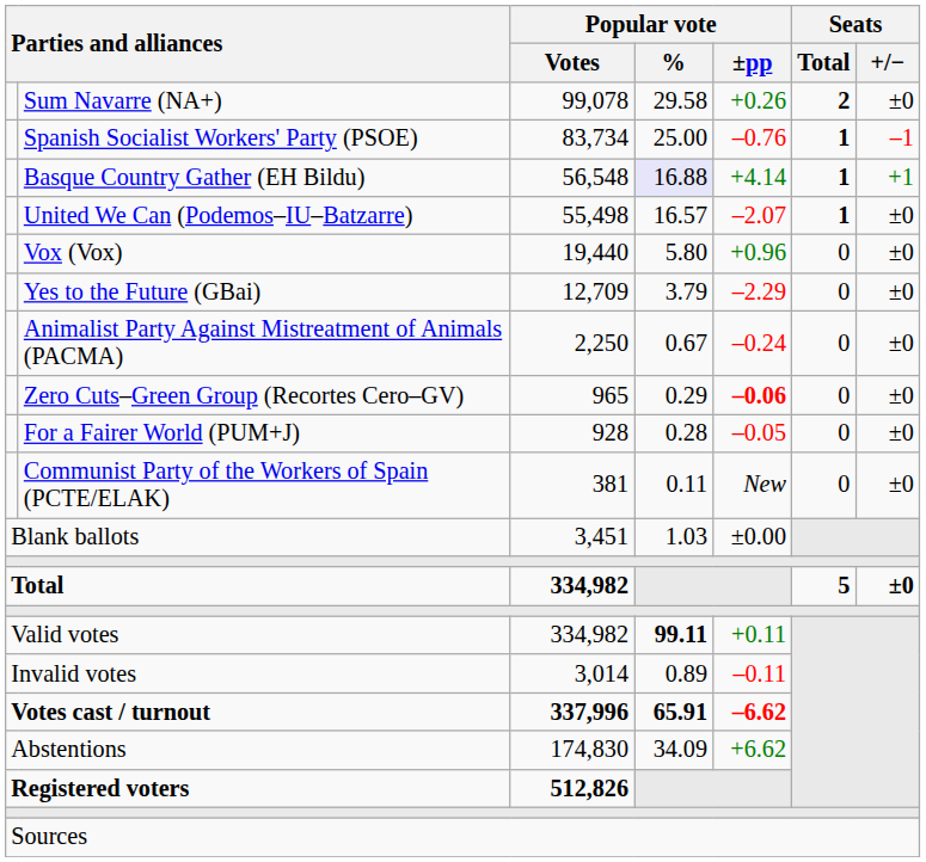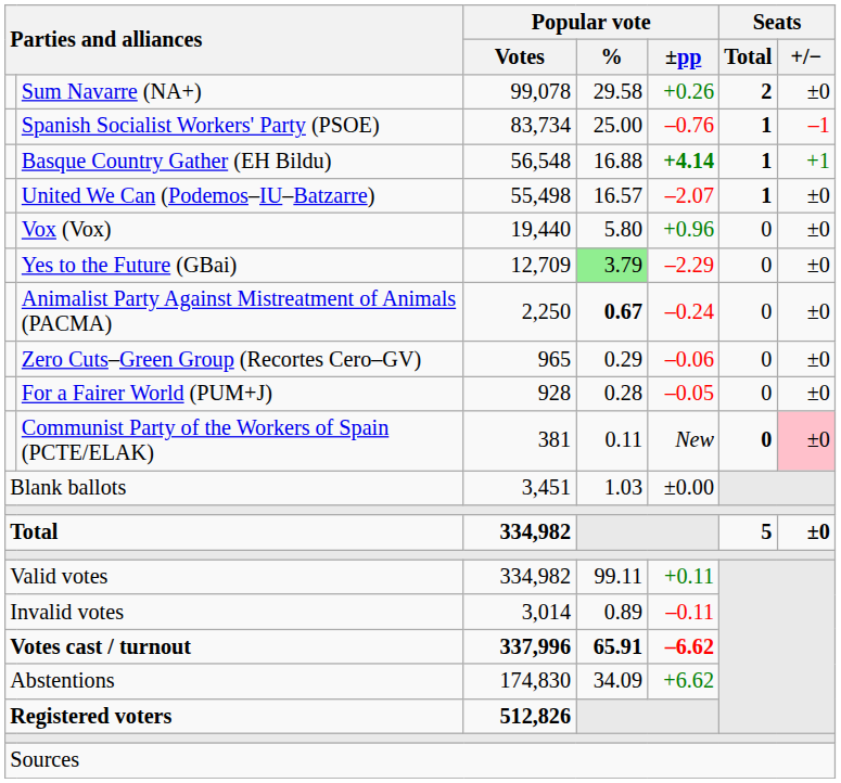 <table class="wikitable" style="text-align:right;">
 <tr>
 <th style="text-align:left;" rowspan="2" colspan="2" width="525">Parties and alliances</th>
 <th colspan="3">Popular vote</th>
 <th colspan="2">Seats</th>
 </tr>
 <tr>
 <th width="75">Votes</th>
 <th width="45">%</th>
 <th width="45">±<a href='#'>pp</a></th>
 <th width="35">Total</th>
 <th width="35">+/−</th>
 </tr>
 <tr>
 <td width="1" style="color:inherit;background:"></td>
 <td align="left"><a href='#'>Sum Navarre</a> (NA+)</td>
 <td>99,078</td>
 <td>29.58</td>
 <td style="color:green;">+0.26</td>
 <td><strong>2</strong></td>
 <td>±0</td>
 </tr>
 <tr>
 <td style="color:inherit;background:"></td>
 <td align="left"><a href='#'>Spanish Socialist Workers' Party</a> (PSOE)</td>
 <td>83,734</td>
 <td>25.00</td>
 <td style="color:red;">–0.76</td>
 <td><strong>1</strong></td>
 <td style="color:red;">–1</td>
 </tr>
 <tr>
 <td style="color:inherit;background:"></td>
 <td align="left"><a href='#'>Basque Country Gather</a> (EH Bildu)</td>
 <td>56,548</td>
-<td style="background: lavender;">16.88</td>
-<td style="color:green;">+4.14</td>
+<td>16.88</td>
+<td style="color:green;"><strong>+4.14</strong></td>
 <td><strong>1</strong></td>
 <td style="color:green;">+1</td>
 </tr>
 <tr>
 <td style="color:inherit;background:"></td>
 <td align="left"><a href='#'>United We Can</a> (<a href='#'>Podemos</a>–<a href='#'>IU</a>–<a href='#'>Batzarre</a>)</td>
 <td>55,498</td>
 <td>16.57</td>
 <td style="color:red;">–2.07</td>
 <td><strong>1</strong></td>
 <td>±0</td>
 </tr>
 <tr>
 <td style="color:inherit;background:"></td>
 <td align="left"><a href='#'>Vox</a> (Vox)</td>
 <td>19,440</td>
 <td>5.80</td>
 <td style="color:green;">+0.96</td>
 <td>0</td>
 <td>±0</td>
 </tr>
 <tr>
 <td style="color:inherit;background:"></td>
 <td align="left"><a href='#'>Yes to the Future</a> (GBai)</td>
 <td>12,709</td>
-<td>3.79</td>
+<td style="background: lightgreen;">3.79</td>
 <td style="color:red;">–2.29</td>
 <td>0</td>
 <td>±0</td>
 </tr>
 <tr>
 <td style="color:inherit;background:"></td>
 <td align="left"><a href='#'>Animalist Party Against Mistreatment of Animals</a> (PACMA)</td>
 <td>2,250</td>
-<td>0.67</td>
+<td><strong>0.67</strong></td>
 <td style="color:red;">–0.24</td>
 <td>0</td>
 <td>±0</td>
 </tr>
 <tr>
 <td style="color:inherit;background:"></td>
 <td align="left"><a href='#'>Zero Cuts</a>–<a href='#'>Green Group</a> (Recortes Cero–GV)</td>
 <td>965</td>
 <td>0.29</td>
-<td style="color:red;"><strong>–0.06</strong></td>
+<td style="color:red;">–0.06</td>
 <td>0</td>
 <td>±0</td>
 </tr>
 <tr>
 <td style="color:inherit;background:"></td>
 <td align="left"><a href='#'>For a Fairer World</a> (PUM+J)</td>
 <td>928</td>
 <td>0.28</td>
 <td style="color:red;">–0.05</td>
 <td>0</td>
 <td>±0</td>
 </tr>
 <tr>
 <td style="color:inherit;background:"></td>
 <td align="left"><a href='#'>Communist Party of the Workers of Spain</a> (PCTE/ELAK)</td>
 <td>381</td>
 <td>0.11</td>
 <td><em>New</em></td>
-<td>0</td>
-<td>±0</td>
+<td><strong>0</strong></td>
+<td style="background: pink;">±0</td>
 </tr>
 <tr>
 <td align="left" colspan="2">Blank ballots</td>
 <td>3,451</td>
 <td>1.03</td>
 <td>±0.00</td>
 <td bgcolor="#E9E9E9" colspan="2"></td>
 </tr>
 <tr>
 <td colspan="7" bgcolor="#E9E9E9"></td>
 </tr>
 <tr style="font-weight:bold;">
 <td align="left" colspan="2">Total</td>
 <td>334,982</td>
 <td bgcolor="#E9E9E9" colspan="2"></td>
 <td>5</td>
 <td>±0</td>
 </tr>
 <tr>
 <td colspan="7" bgcolor="#E9E9E9"></td>
 </tr>
 <tr>
 <td align="left" colspan="2">Valid votes</td>
 <td>334,982</td>
-<td><strong>99.11</strong></td>
+<td>99.11</td>
 <td style="color:green;">+0.11</td>
 <td bgcolor="#E9E9E9" colspan="2" rowspan="5"></td>
 </tr>
 <tr>
 <td align="left" colspan="2">Invalid votes</td>
 <td>3,014</td>
 <td>0.89</td>
 <td style="color:red;">–0.11</td>
 </tr>
 <tr style="font-weight:bold;">
 <td align="left" colspan="2">Votes cast / turnout</td>
 <td>337,996</td>
 <td>65.91</td>
 <td style="color:red;">–6.62</td>
 </tr>
 <tr>
 <td align="left" colspan="2">Abstentions</td>
 <td>174,830</td>
 <td>34.09</td>
 <td style="color:green;">+6.62</td>
 </tr>
 <tr style="font-weight:bold;">
 <td align="left" colspan="2">Registered voters</td>
 <td>512,826</td>
 <td bgcolor="#E9E9E9" colspan="2"></td>
 </tr>
 <tr>
 <td colspan="7" bgcolor="#E9E9E9"></td>
 </tr>
 <tr>
 <td align="left" colspan="7">Sources</td>
 </tr>
 </table>
